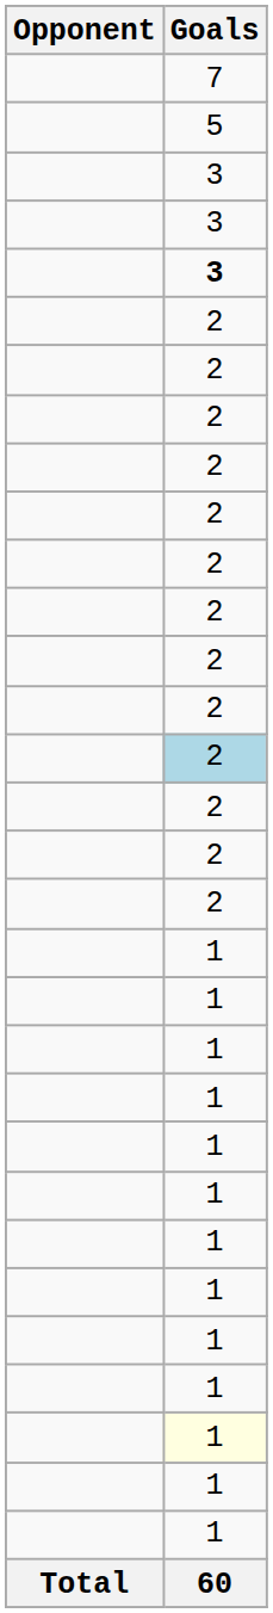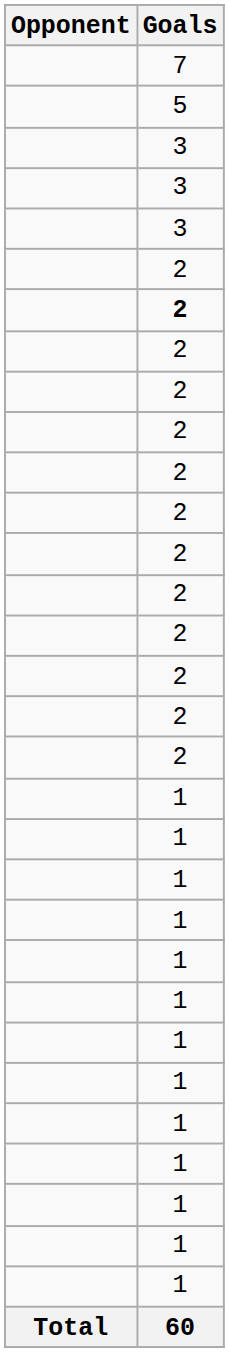 <table class="wikitable sortable">
 <tr>
 <th scope="col">Opponent</th>
 <th scope="col">Goals</th>
 </tr>
 <tr>
 <td></td>
 <td align="center">7</td>
 </tr>
 <tr>
 <td></td>
 <td align="center">5</td>
 </tr>
 <tr>
 <td></td>
 <td align="center">3</td>
 </tr>
 <tr>
 <td></td>
 <td align="center">3</td>
 </tr>
 <tr>
 <td></td>
-<td align="center"><strong>3</strong></td>
+<td align="center">3</td>
+</tr>
+<tr>
+<td></td>
+<td align="center">2</td>
+</tr>
+<tr>
+<td></td>
+<td align="center"><strong>2</strong></td>
 </tr>
 <tr>
 <td></td>
 <td align="center">2</td>
 </tr>
 <tr>
 <td></td>
 <td align="center">2</td>
 </tr>
 <tr>
 <td></td>
 <td align="center">2</td>
 </tr>
 <tr>
 <td></td>
 <td align="center">2</td>
 </tr>
 <tr>
 <td></td>
 <td align="center">2</td>
 </tr>
 <tr>
 <td></td>
 <td align="center">2</td>
 </tr>
 <tr>
 <td></td>
 <td align="center">2</td>
 </tr>
 <tr>
 <td></td>
 <td align="center">2</td>
-</tr>
-<tr>
-<td></td>
-<td align="center">2</td>
-</tr>
-<tr>
-<td></td>
-<td align="center" style="background: lightblue;">2</td>
 </tr>
 <tr>
 <td></td>
 <td align="center">2</td>
 </tr>
 <tr>
 <td></td>
 <td align="center">2</td>
 </tr>
 <tr>
 <td></td>
 <td align="center">2</td>
 </tr>
 <tr>
 <td></td>
 <td align="center">1</td>
 </tr>
 <tr>
 <td></td>
 <td align="center">1</td>
 </tr>
 <tr>
 <td></td>
 <td align="center">1</td>
 </tr>
 <tr>
 <td></td>
 <td align="center">1</td>
 </tr>
 <tr>
 <td></td>
 <td align="center">1</td>
 </tr>
 <tr>
 <td></td>
 <td align="center">1</td>
 </tr>
 <tr>
 <td></td>
 <td align="center">1</td>
 </tr>
 <tr>
 <td></td>
 <td align="center">1</td>
 </tr>
 <tr>
 <td></td>
 <td align="center">1</td>
 </tr>
 <tr>
 <td></td>
 <td align="center">1</td>
 </tr>
 <tr>
 <td></td>
-<td align="center" style="background: lightyellow;">1</td>
+<td align="center">1</td>
 </tr>
 <tr>
 <td></td>
 <td align="center">1</td>
 </tr>
 <tr>
 <td></td>
 <td align="center">1</td>
 </tr>
 <tr>
 <th scope="row">Total</th>
 <th>60</th>
 </tr>
 </table>
